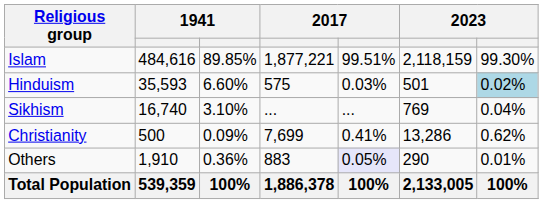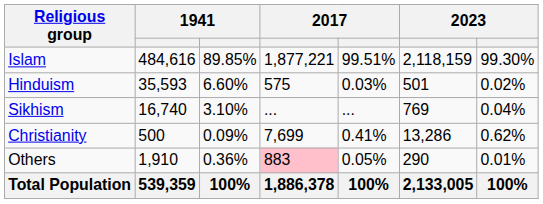 <table class="wikitable sortable">
 <tr>
 <th rowspan="2"><a href='#'>Religious</a><br>group</th>
 <th colspan="2">1941</th>
 <th colspan="2">2017</th>
 <th colspan="2">2023</th>
 </tr>
 <tr>
 <th><a href='#'></a></th>
 <th></th>
 <th><a href='#'></a></th>
 <th></th>
 <th><a href='#'></a></th>
 <th></th>
 </tr>
 <tr>
 <td><a href='#'>Islam</a> </td>
 <td>484,616</td>
 <td>89.85%</td>
 <td>1,877,221</td>
 <td>99.51%</td>
 <td>2,118,159</td>
 <td>99.30%</td>
 </tr>
 <tr>
 <td><a href='#'>Hinduism</a> </td>
 <td>35,593</td>
 <td>6.60%</td>
 <td>575</td>
 <td>0.03%</td>
 <td>501</td>
-<td style="background: lightblue;">0.02%</td>
+<td>0.02%</td>
 </tr>
 <tr>
 <td><a href='#'>Sikhism</a> </td>
 <td>16,740</td>
 <td>3.10%</td>
 <td>...</td>
 <td>...</td>
 <td>769</td>
 <td>0.04%</td>
 </tr>
 <tr>
 <td><a href='#'>Christianity</a> </td>
 <td>500</td>
 <td>0.09%</td>
 <td>7,699</td>
 <td>0.41%</td>
 <td>13,286</td>
 <td>0.62%</td>
 </tr>
 <tr>
 <td>Others</td>
 <td>1,910</td>
 <td>0.36%</td>
-<td>883</td>
-<td style="background: lavender;">0.05%</td>
+<td style="background: pink;">883</td>
+<td>0.05%</td>
 <td>290</td>
 <td>0.01%</td>
 </tr>
 <tr>
 <th>Total Population</th>
 <th>539,359</th>
 <th>100%</th>
 <th>1,886,378</th>
 <th>100%</th>
 <th>2,133,005</th>
 <th>100%</th>
 </tr>
 </table>
